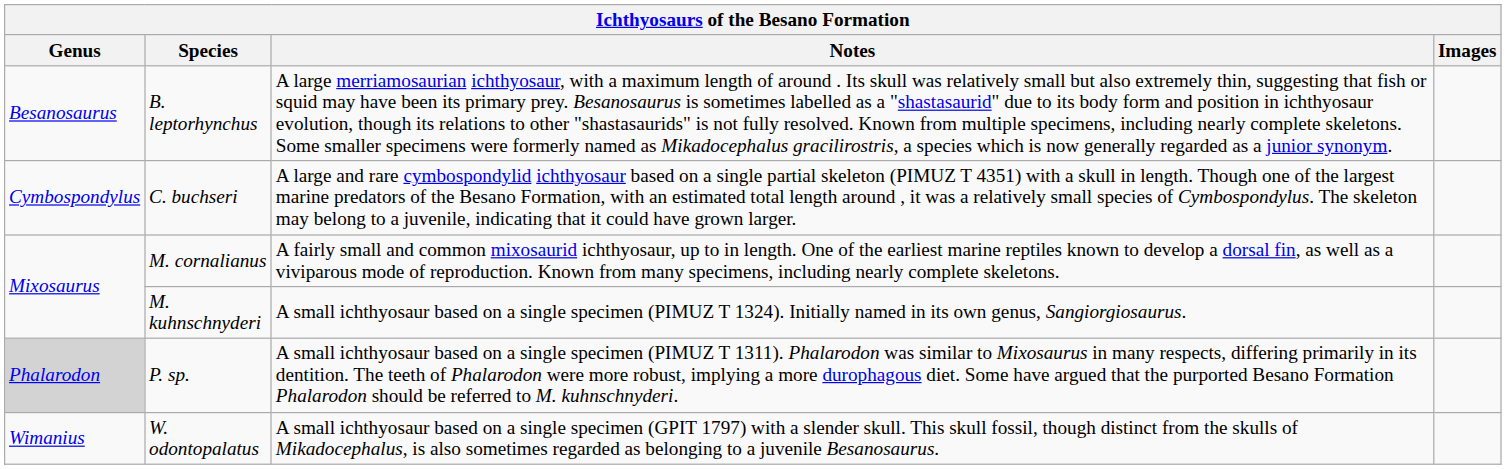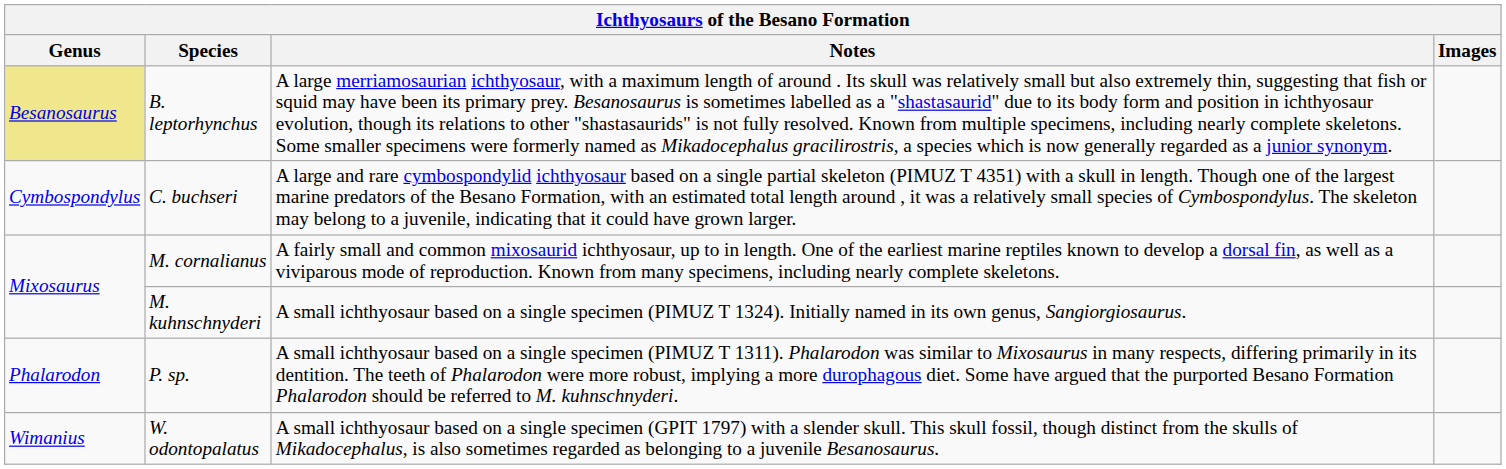 <table class="wikitable" align="center">
 <tr>
 <th colspan="4" align="center"><strong><a href='#'>Ichthyosaurs</a> of the Besano Formation</strong></th>
 </tr>
 <tr>
 <th>Genus</th>
 <th>Species</th>
 <th>Notes</th>
 <th>Images</th>
 </tr>
 <tr>
-<td><em><a href='#'>Besanosaurus</a></em></td>
+<td style="background: khaki;"><em><a href='#'>Besanosaurus</a></em></td>
 <td><em>B. leptorhynchus</em></td>
 <td>A large <a href='#'>merriamosaurian</a> <a href='#'>ichthyosaur</a>, with a maximum length of around . Its skull was relatively small but also extremely thin, suggesting that fish or squid may have been its primary prey. <em>Besanosaurus</em> is sometimes labelled as a "<a href='#'>shastasaurid</a>" due to its body form and position in ichthyosaur evolution,<em></em> though its relations to other "shastasaurids" is not fully resolved. Known from multiple specimens, including nearly complete skeletons. Some smaller specimens were formerly named as <em>Mikadocephalus gracilirostris</em>, a species which is now generally regarded as a <a href='#'>junior synonym</a>.</td>
 <td></td>
 </tr>
 <tr>
 <td><em><a href='#'>Cymbospondylus</a></em></td>
 <td><em>C. buchseri</em></td>
 <td>A large and rare <a href='#'>cymbospondylid</a> <a href='#'>ichthyosaur</a> based on a single partial skeleton (PIMUZ T 4351) with a skull  in length. Though one of the largest marine predators of the Besano Formation, with an estimated total length around , it was a relatively small species of <em>Cymbospondylus</em>.<em></em> The skeleton may belong to a juvenile, indicating that it could have grown larger.</td>
 <td></td>
 </tr>
 <tr>
 <td rowspan="2"><em><a href='#'>Mixosaurus</a></em></td>
 <td><em>M. cornalianus</em></td>
 <td>A fairly small and common <a href='#'>mixosaurid</a> ichthyosaur, up to  in length. One of the earliest marine reptiles known to develop a <a href='#'>dorsal fin</a>, as well as a viviparous mode of reproduction. Known from many specimens, including nearly complete skeletons.</td>
 <td></td>
 </tr>
 <tr>
 <td><em>M. kuhnschnyderi</em></td>
 <td>A small ichthyosaur based on a single specimen (PIMUZ T 1324). Initially named in its own genus, <em>Sangiorgiosaurus</em>.</td>
 <td></td>
 </tr>
 <tr>
-<td style="background: lightgrey;"><em><a href='#'>Phalarodon</a></em></td>
+<td><em><a href='#'>Phalarodon</a></em></td>
 <td><em>P. sp.</em></td>
 <td>A small ichthyosaur based on a single specimen (PIMUZ T 1311). <em>Phalarodon</em> was similar to <em>Mixosaurus</em> in many respects, differing primarily in its dentition. The teeth of <em>Phalarodon</em> were more robust, implying a more <a href='#'>durophagous</a> diet. Some have argued that the purported Besano Formation <em>Phalarodon</em> should be referred to <em>M. kuhnschnyderi</em>.</td>
 <td></td>
 </tr>
 <tr>
 <td><em><a href='#'>Wimanius</a></em></td>
 <td><em>W. odontopalatus</em></td>
 <td>A small ichthyosaur based on a single specimen (GPIT 1797) with a slender skull.<em></em> This skull fossil, though distinct from the skulls of <em>Mikadocephalus</em>, is also sometimes regarded as belonging to a juvenile <em>Besanosaurus</em>.</td>
 <td></td>
 </tr>
 </table>
